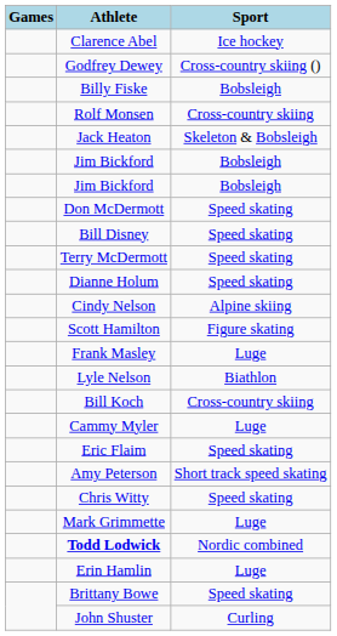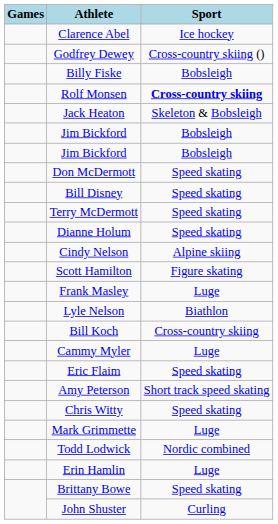 <table class="wikitable" style="text-align:center">
 <tr>
 <th style="background:lightblue;">Games</th>
 <th style="background:lightblue;">Athlete</th>
 <th style="background:lightblue;">Sport</th>
 </tr>
 <tr>
 <td></td>
 <td><a href='#'>Clarence Abel</a></td>
 <td><a href='#'>Ice hockey</a></td>
 </tr>
 <tr>
 <td></td>
 <td><a href='#'>Godfrey Dewey</a></td>
 <td><a href='#'>Cross-country skiing</a> ()</td>
 </tr>
 <tr>
 <td></td>
 <td><a href='#'>Billy Fiske</a></td>
 <td><a href='#'>Bobsleigh</a></td>
 </tr>
 <tr>
 <td></td>
 <td><a href='#'>Rolf Monsen</a></td>
-<td><a href='#'>Cross-country skiing</a></td>
+<td><strong><a href='#'>Cross-country skiing</a></strong></td>
 </tr>
 <tr>
 <td></td>
 <td><a href='#'>Jack Heaton</a></td>
 <td><a href='#'>Skeleton</a> & <a href='#'>Bobsleigh</a></td>
 </tr>
 <tr>
 <td></td>
 <td><a href='#'>Jim Bickford</a></td>
 <td><a href='#'>Bobsleigh</a></td>
 </tr>
 <tr>
 <td></td>
 <td><a href='#'>Jim Bickford</a></td>
 <td><a href='#'>Bobsleigh</a></td>
 </tr>
 <tr>
 <td></td>
 <td><a href='#'>Don McDermott</a></td>
 <td><a href='#'>Speed skating</a></td>
 </tr>
 <tr>
 <td></td>
 <td><a href='#'>Bill Disney</a></td>
 <td><a href='#'>Speed skating</a></td>
 </tr>
 <tr>
 <td></td>
 <td><a href='#'>Terry McDermott</a></td>
 <td><a href='#'>Speed skating</a></td>
 </tr>
 <tr>
 <td></td>
 <td><a href='#'>Dianne Holum</a></td>
 <td><a href='#'>Speed skating</a></td>
 </tr>
 <tr>
 <td></td>
 <td><a href='#'>Cindy Nelson</a></td>
 <td><a href='#'>Alpine skiing</a></td>
 </tr>
 <tr>
 <td></td>
 <td><a href='#'>Scott Hamilton</a></td>
 <td><a href='#'>Figure skating</a></td>
 </tr>
 <tr>
 <td></td>
 <td><a href='#'>Frank Masley</a></td>
 <td><a href='#'>Luge</a></td>
 </tr>
 <tr>
 <td></td>
 <td><a href='#'>Lyle Nelson</a></td>
 <td><a href='#'>Biathlon</a></td>
 </tr>
 <tr>
 <td></td>
 <td><a href='#'>Bill Koch</a></td>
 <td><a href='#'>Cross-country skiing</a></td>
 </tr>
 <tr>
 <td></td>
 <td><a href='#'>Cammy Myler</a></td>
 <td><a href='#'>Luge</a></td>
 </tr>
 <tr>
 <td></td>
 <td><a href='#'>Eric Flaim</a></td>
 <td><a href='#'>Speed skating</a></td>
 </tr>
 <tr>
 <td></td>
 <td><a href='#'>Amy Peterson</a></td>
 <td><a href='#'>Short track speed skating</a></td>
 </tr>
 <tr>
 <td></td>
 <td><a href='#'>Chris Witty</a></td>
 <td><a href='#'>Speed skating</a></td>
 </tr>
 <tr>
 <td></td>
 <td><a href='#'>Mark Grimmette</a></td>
 <td><a href='#'>Luge</a></td>
 </tr>
 <tr>
 <td></td>
-<td><strong><a href='#'>Todd Lodwick</a></strong></td>
+<td><a href='#'>Todd Lodwick</a></td>
 <td><a href='#'>Nordic combined</a></td>
 </tr>
 <tr>
 <td></td>
 <td><a href='#'>Erin Hamlin</a></td>
 <td><a href='#'>Luge</a></td>
 </tr>
 <tr>
 <td rowspan=2></td>
 <td><a href='#'>Brittany Bowe</a></td>
 <td><a href='#'>Speed skating</a></td>
 </tr>
 <tr>
 <td><a href='#'>John Shuster</a></td>
 <td><a href='#'>Curling</a></td>
 </tr>
 </table>
